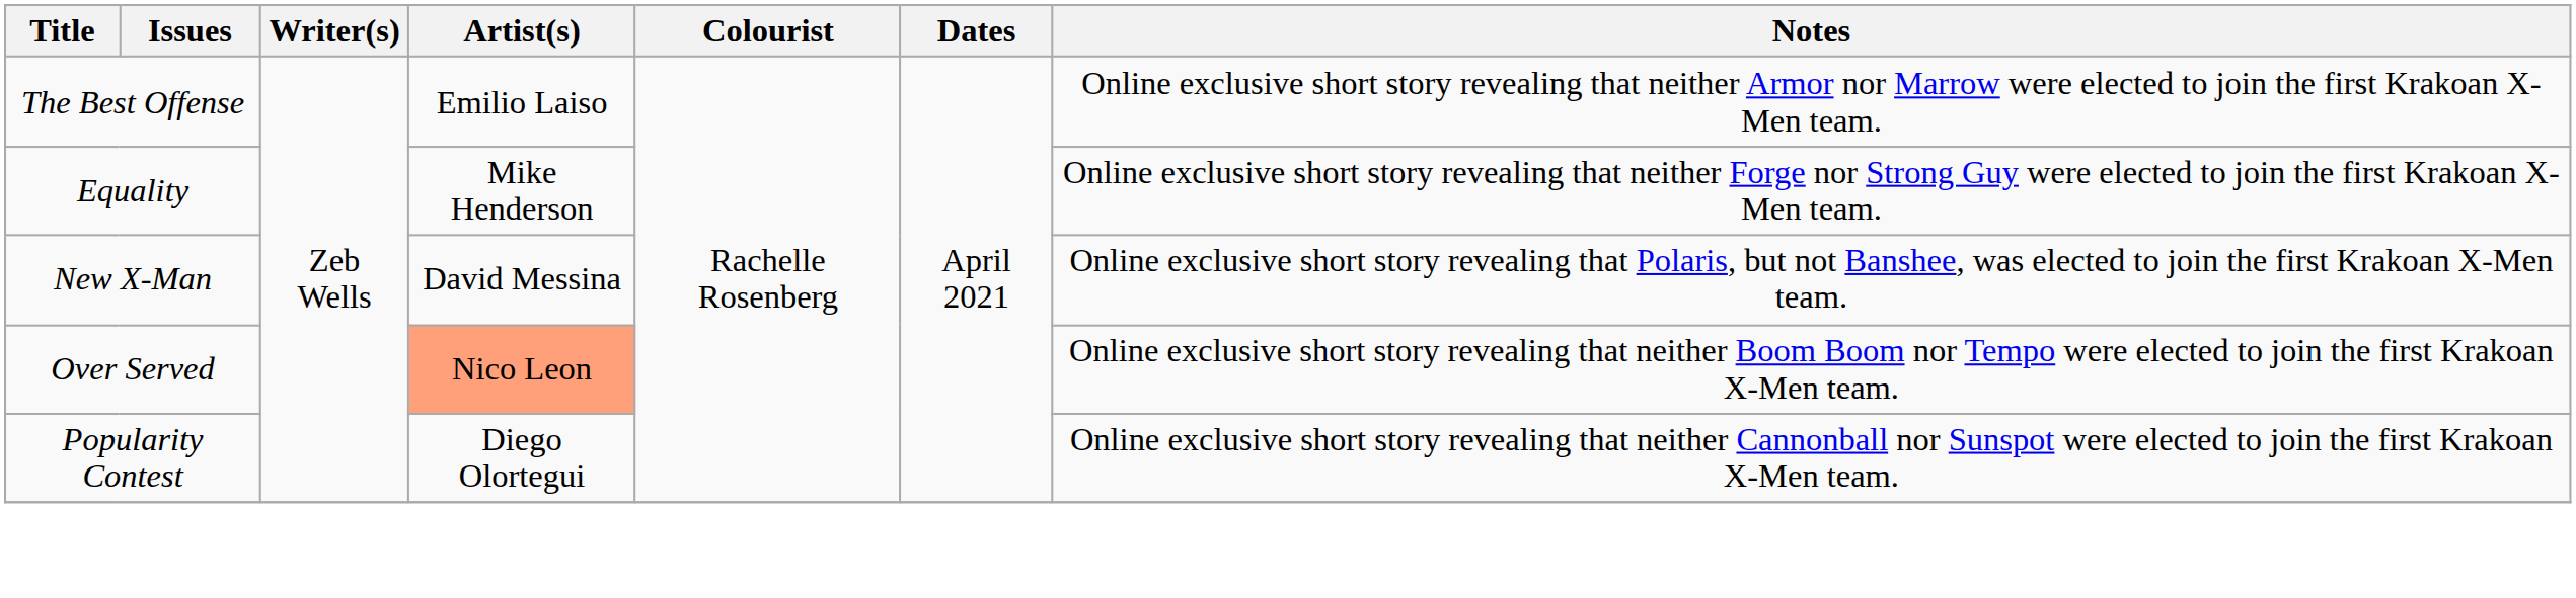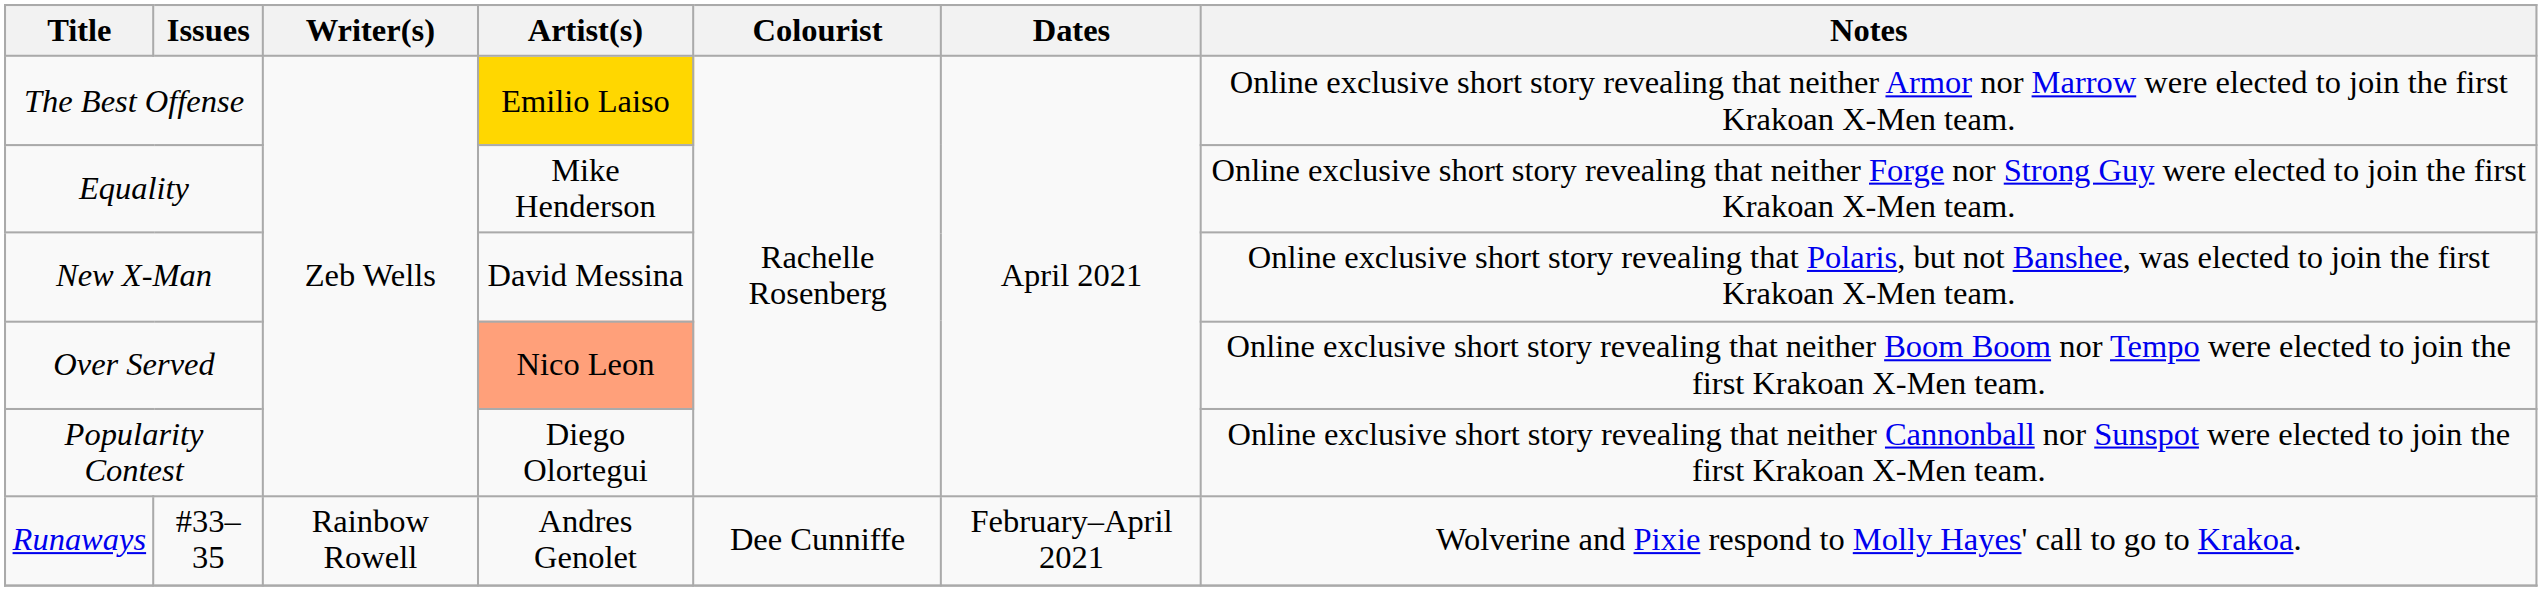 <table class="wikitable" style="text-align:center;">
 <tr>
 <th scope="col">Title</th>
 <th scope="col">Issues</th>
 <th scope="col">Writer(s)</th>
 <th scope="col">Artist(s)</th>
 <th scope="col">Colourist</th>
 <th scope="col">Dates</th>
 <th scope="col">Notes</th>
 </tr>
 <tr>
 <td colspan="2"><em>The Best Offense</em></td>
 <td rowspan="5">Zeb Wells</td>
-<td>Emilio Laiso</td>
+<td style="background: gold;">Emilio Laiso</td>
 <td rowspan="5">Rachelle Rosenberg</td>
 <td rowspan="5">April 2021</td>
 <td>Online exclusive short story revealing that neither <a href='#'>Armor</a> nor <a href='#'>Marrow</a> were elected to join the first Krakoan X-Men team.</td>
 </tr>
 <tr>
 <td colspan="2"><em>Equality</em></td>
 <td>Mike Henderson</td>
 <td>Online exclusive short story revealing that neither <a href='#'>Forge</a> nor <a href='#'>Strong Guy</a> were elected to join the first Krakoan X-Men team.</td>
 </tr>
 <tr>
 <td colspan="2"><em>New X-Man</em></td>
 <td>David Messina</td>
 <td>Online exclusive short story revealing that <a href='#'>Polaris</a>, but not <a href='#'>Banshee</a>, was elected to join the first Krakoan X-Men team.</td>
 </tr>
 <tr>
 <td colspan="2"><em>Over Served</em></td>
 <td style="background: lightsalmon;">Nico Leon</td>
 <td>Online exclusive short story revealing that neither <a href='#'>Boom Boom</a> nor <a href='#'>Tempo</a> were elected to join the first Krakoan X-Men team.</td>
 </tr>
 <tr>
 <td colspan="2"><em>Popularity Contest</em></td>
 <td>Diego Olortegui</td>
 <td>Online exclusive short story revealing that neither <a href='#'>Cannonball</a> nor <a href='#'>Sunspot</a> were elected to join the first Krakoan X-Men team.</td>
 </tr>
 <tr>
+<td><em><a href='#'>Runaways</a></em></td>
+<td>#33–35</td>
+<td>Rainbow Rowell</td>
+<td>Andres Genolet</td>
+<td>Dee Cunniffe</td>
+<td>February–April 2021</td>
+<td>Wolverine and <a href='#'>Pixie</a> respond to <a href='#'>Molly Hayes</a>' call to go to <a href='#'>Krakoa</a>.</td>
+</tr>
+<tr>
 </tr>
 </table>
